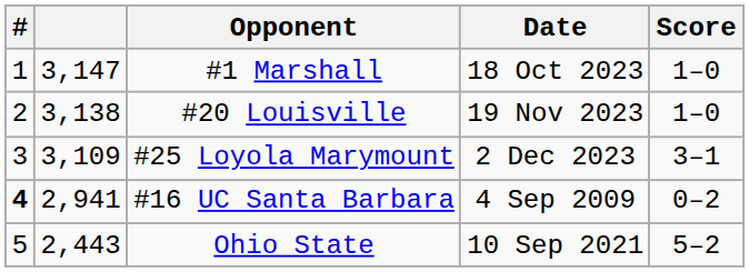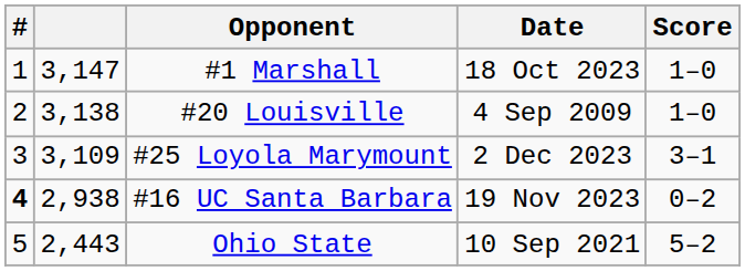 <table class="wikitable sortable"; style= "text-align:center">
 <tr>
 <th>#</th>
 <th></th>
 <th>Opponent</th>
 <th>Date</th>
 <th>Score</th>
 </tr>
 <tr>
 <td>1</td>
 <td>3,147</td>
 <td>#1 <a href='#'>Marshall</a></td>
 <td>18 Oct 2023</td>
 <td>1–0</td>
 </tr>
 <tr>
 <td>2</td>
 <td>3,138</td>
 <td>#20 <a href='#'>Louisville</a></td>
-<td>19 Nov 2023</td>
+<td>4 Sep 2009</td>
 <td>1–0</td>
 </tr>
 <tr>
 <td>3</td>
 <td>3,109</td>
 <td>#25 <a href='#'>Loyola Marymount</a></td>
 <td>2 Dec 2023</td>
 <td>3–1</td>
 </tr>
 <tr>
 <td><strong>4</strong></td>
-<td>2,941</td>
+<td>2,938</td>
 <td>#16 <a href='#'>UC Santa Barbara</a></td>
-<td>4 Sep 2009</td>
+<td>19 Nov 2023</td>
 <td>0–2</td>
 </tr>
 <tr>
 <td>5</td>
 <td>2,443</td>
 <td><a href='#'>Ohio State</a></td>
 <td>10 Sep 2021</td>
 <td>5–2</td>
 </tr>
 </table>
